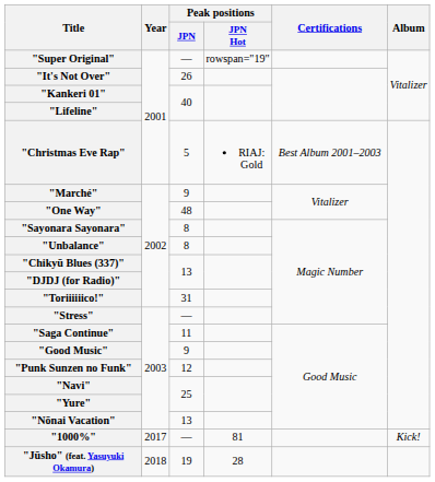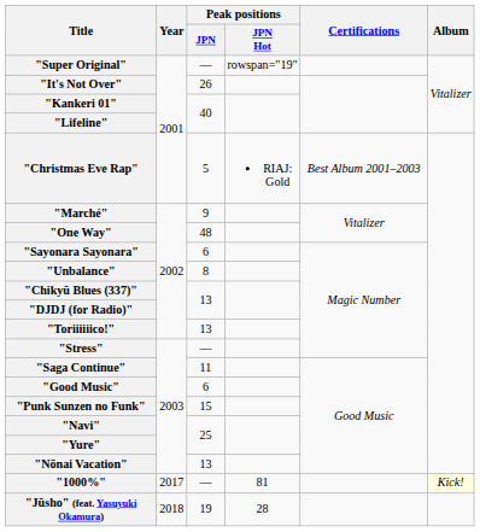 <table class="wikitable plainrowheaders" style="text-align:center;" border="1">
 <tr>
 <th scope="col" rowspan="2" style="width:12em;">Title</th>
 <th scope="col" rowspan="2">Year</th>
 <th scope="col" colspan="2">Peak positions</th>
 <th scope="col" rowspan="2" style="width:10em;"><a href='#'>Certifications</a></th>
 <th scope="col" rowspan="2">Album</th>
 </tr>
 <tr>
 <th scope="col" style="width:3em;font-size:90%;"><a href='#'>JPN</a><br></th>
 <th scope="col" style="width:3em;font-size:90%;"><a href='#'>JPN<br>Hot</a><br></th>
 </tr>
 <tr>
 <th scope="row">"Super Original"</th>
 <td rowspan="5">2001</td>
 <td>—</td>
 <td>rowspan="19" </td>
 <td></td>
 <td rowspan="4"><em>Vitalizer</em></td>
 </tr>
 <tr>
 <th scope="row">"It's Not Over"</th>
 <td>26</td>
 <td></td>
 </tr>
 <tr>
 <th scope="row">"Kankeri 01"</th>
 <td rowspan="2">40</td>
 <td rowspan="2"></td>
 </tr>
 <tr>
 <th scope="row">"Lifeline"</th>
 </tr>
 <tr>
 <th scope="row">"Christmas Eve Rap"</th>
 <td>5</td>
 <td><br><ul><li>RIAJ: Gold</li></ul></td>
 <td><em>Best Album 2001–2003</em></td>
 </tr>
 <tr>
 <th scope="row">"Marché"</th>
 <td rowspan="7">2002</td>
 <td>9</td>
 <td></td>
 <td rowspan="2"><em>Vitalizer</em></td>
 </tr>
 <tr>
 <th scope="row">"One Way"</th>
 <td>48</td>
 <td></td>
 </tr>
 <tr>
 <th scope="row">"Sayonara Sayonara"</th>
-<td>8</td>
+<td>6</td>
 <td></td>
 <td rowspan="6"><em>Magic Number</em></td>
 </tr>
 <tr>
 <th scope="row">"Unbalance"</th>
 <td>8</td>
 <td></td>
 </tr>
 <tr>
 <th scope="row">"Chikyū Blues (337)"</th>
 <td rowspan="2">13</td>
 <td rowspan="2"></td>
 </tr>
 <tr>
 <th scope="row">"DJDJ (for Radio)"</th>
 </tr>
 <tr>
 <th scope="row">"Toriiiiiico!"</th>
-<td>31</td>
+<td>13</td>
 <td></td>
 </tr>
 <tr>
 <th scope="row">"Stress"</th>
 <td rowspan="7">2003</td>
 <td>—</td>
 <td></td>
 </tr>
 <tr>
 <th scope="row">"Saga Continue"</th>
 <td>11</td>
 <td></td>
 <td rowspan="6"><em>Good Music</em></td>
 </tr>
 <tr>
 <th scope="row">"Good Music"</th>
-<td>9</td>
+<td>6</td>
 <td></td>
 </tr>
 <tr>
 <th scope="row">"Punk Sunzen no Funk"</th>
-<td>12</td>
+<td>15</td>
 <td></td>
 </tr>
 <tr>
 <th scope="row">"Navi"</th>
 <td rowspan="2">25</td>
 <td rowspan="2"></td>
 </tr>
 <tr>
 <th scope="row">"Yure"</th>
 </tr>
 <tr>
 <th scope="row">"Nōnai Vacation"</th>
 <td>13</td>
 <td></td>
 </tr>
 <tr>
 <th scope="row">"1000%"</th>
 <td>2017</td>
 <td>—</td>
 <td>81</td>
 <td></td>
-<td><em>Kick!</em></td>
+<td style="background: lightyellow;"><em>Kick!</em></td>
 </tr>
 <tr>
 <th scope="row">"Jūsho" <small>(feat. <a href='#'>Yasuyuki Okamura</a>)</small></th>
 <td>2018</td>
 <td>19</td>
 <td>28</td>
 <td></td>
 <td></td>
 </tr>
 </table>
